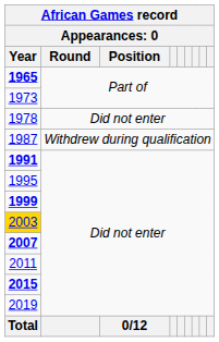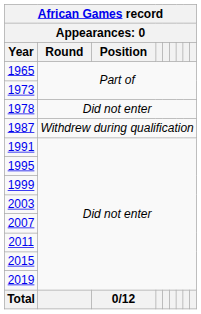 <table class="wikitable" style="text-align: center;">
 <tr>
 <th colspan=9><a href='#'>African Games</a> record</th>
 </tr>
 <tr>
 <th colspan=9>Appearances: 0</th>
 </tr>
 <tr>
 <th>Year</th>
 <th>Round</th>
 <th>Position</th>
 <th></th>
 <th></th>
 <th></th>
 <th></th>
 <th></th>
 <th></th>
 </tr>
 <tr>
-<td><strong> <a href='#'>1965</a></strong></td>
+<td> <a href='#'>1965</a></td>
 <td colspan=8 rowspan=2><em>Part of </em></td>
 </tr>
 <tr>
 <td> <a href='#'>1973</a></td>
 </tr>
 <tr>
 <td> <a href='#'>1978</a></td>
 <td colspan=8><em>Did not enter</em></td>
 </tr>
 <tr>
 <td> <a href='#'>1987</a></td>
 <td colspan=8><em>Withdrew during qualification</em></td>
 </tr>
 <tr>
-<td><strong> <a href='#'>1991</a></strong></td>
+<td> <a href='#'>1991</a></td>
 <td colspan=8 rowspan=8><em>Did not enter</em></td>
 </tr>
 <tr>
 <td> <a href='#'>1995</a></td>
 </tr>
 <tr>
-<td><strong> <a href='#'>1999</a></strong></td>
+<td> <a href='#'>1999</a></td>
 </tr>
 <tr>
-<td style="background: gold;"> <a href='#'>2003</a></td>
+<td> <a href='#'>2003</a></td>
 </tr>
 <tr>
-<td><strong> <a href='#'>2007</a></strong></td>
+<td> <a href='#'>2007</a></td>
 </tr>
 <tr>
 <td> <a href='#'>2011</a></td>
 </tr>
 <tr>
-<td><strong> <a href='#'>2015</a></strong></td>
+<td> <a href='#'>2015</a></td>
 </tr>
 <tr>
 <td> <a href='#'>2019</a></td>
 </tr>
 <tr>
 <th>Total</th>
 <th></th>
 <th>0/12</th>
 <th></th>
 <th></th>
 <th></th>
 <th></th>
 <th></th>
 <th></th>
 </tr>
 </table>
